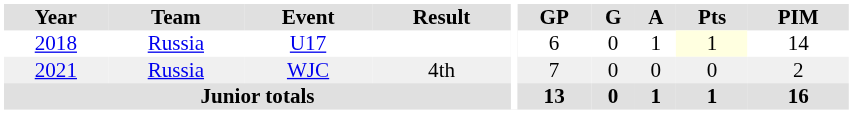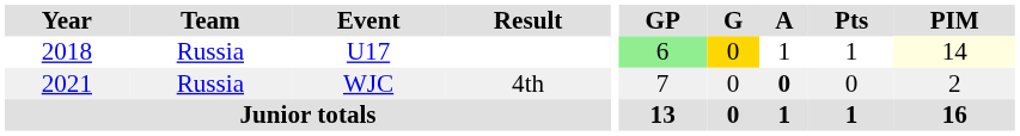 <table border="0" cellpadding="1" cellspacing="0" ID="Table3" style="text-align:center; width:40em">
 <tr bgcolor="#e0e0e0">
 <th>Year</th>
 <th>Team</th>
 <th>Event</th>
 <th>Result</th>
 <th rowspan="102" bgcolor="#ffffff"></th>
 <th>GP</th>
 <th>G</th>
 <th>A</th>
 <th>Pts</th>
 <th>PIM</th>
 </tr>
 <tr>
 <td><a href='#'>2018</a></td>
 <td><a href='#'>Russia</a></td>
 <td><a href='#'>U17</a></td>
 <td></td>
-<td>6</td>
-<td>0</td>
+<td style="background: lightgreen;">6</td>
+<td style="background: gold;">0</td>
 <td>1</td>
-<td style="background: lightyellow;">1</td>
-<td>14</td>
+<td>1</td>
+<td style="background: lightyellow;">14</td>
 </tr>
 <tr bgcolor="#f0f0f0">
 <td><a href='#'>2021</a></td>
 <td><a href='#'>Russia</a></td>
 <td><a href='#'>WJC</a></td>
 <td>4th</td>
 <td>7</td>
 <td>0</td>
-<td>0</td>
+<td><strong>0</strong></td>
 <td>0</td>
 <td>2</td>
 </tr>
 <tr bgcolor="#e0e0e0">
 <th colspan="4">Junior totals</th>
 <th>13</th>
 <th>0</th>
 <th>1</th>
 <th>1</th>
 <th>16</th>
 </tr>
 </table>
